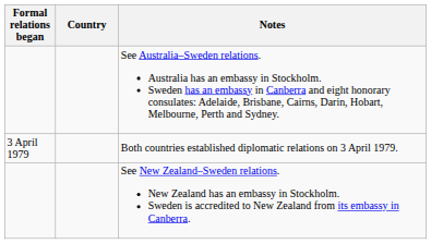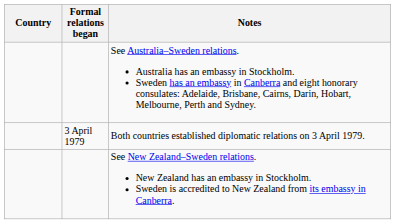 <table class="wikitable sortable" border="1" style="width:100%; margin:auto;">
 <tr>
+<th width="15%">Country</th>
 <th width="12%">Formal relations began</th>
-<th width="15%">Country</th>
 <th>Notes</th>
 </tr>
 <tr -valign="top">
 <td></td>
 <td></td>
 <td>See <a href='#'>Australia–Sweden relations</a>.<br><ul><li>Australia has an embassy in Stockholm.</li><li>Sweden <a href='#'>has an embassy</a> in <a href='#'>Canberra</a> and eight honorary consulates: Adelaide, Brisbane, Cairns, Darin, Hobart, Melbourne, Perth and Sydney.</li></ul></td>
 </tr>
 <tr>
+<td></td>
 <td>3 April 1979</td>
-<td></td>
 <td>Both countries established diplomatic relations on 3 April 1979.</td>
 </tr>
 <tr -valign="top">
 <td></td>
 <td></td>
 <td>See <a href='#'>New Zealand–Sweden relations</a>.<br><ul><li>New Zealand has an embassy in Stockholm.</li><li>Sweden is accredited to New Zealand from <a href='#'>its embassy in Canberra</a>.</li></ul></td>
 </tr>
 </table>
